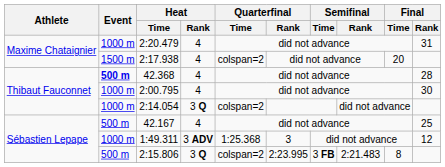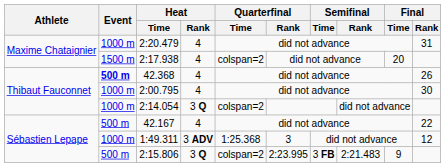 <table class="wikitable" style="font-size:90%">
 <tr>
 <th rowspan=2>Athlete</th>
 <th rowspan=2>Event</th>
 <th colspan=2>Heat</th>
 <th colspan=2>Quarterfinal</th>
 <th colspan=2>Semifinal</th>
 <th colspan=2>Final</th>
 </tr>
 <tr style="font-size:95%">
 <th>Time</th>
 <th>Rank</th>
 <th>Time</th>
 <th>Rank</th>
 <th>Time</th>
 <th>Rank</th>
 <th>Time</th>
 <th>Rank</th>
 </tr>
 <tr align=center>
 <td align=left rowspan=2><a href='#'>Maxime Chataignier</a></td>
 <td align=left><a href='#'>1000 m</a></td>
 <td>2:20.479</td>
 <td>4</td>
 <td colspan=5>did not advance</td>
 <td>31</td>
 </tr>
 <tr align=center>
 <td align=left><a href='#'>1500 m</a></td>
 <td>2:17.938</td>
 <td>4</td>
 <td>colspan=2 </td>
 <td colspan=3>did not advance</td>
 <td>20</td>
 </tr>
 <tr align=center>
 <td align=left rowspan=3><a href='#'>Thibaut Fauconnet</a></td>
 <td align=left><strong><a href='#'>500 m</a></strong></td>
 <td>42.368</td>
 <td>4</td>
 <td colspan=5>did not advance</td>
-<td>28</td>
+<td>26</td>
 </tr>
 <tr align=center>
 <td align=left><a href='#'>1000 m</a></td>
 <td>2:00.795</td>
 <td>4</td>
 <td colspan=5>did not advance</td>
 <td>30</td>
 </tr>
 <tr align=center>
 <td align=left><a href='#'>1000 m</a></td>
 <td>2:14.054</td>
 <td>3 <strong>Q</strong></td>
 <td>colspan=2 </td>
 <td colspan=2></td>
 <td colspan=2>did not advance</td>
 </tr>
 <tr align=center>
 <td align=left rowspan=3><a href='#'>Sébastien Lepape</a></td>
 <td align=left><a href='#'>500 m</a></td>
 <td>42.167</td>
 <td>4</td>
 <td colspan=5>did not advance</td>
-<td>25</td>
+<td>22</td>
 </tr>
 <tr align=center>
 <td align=left><a href='#'>1000 m</a></td>
 <td>1:49.311</td>
 <td>3 <strong>ADV</strong></td>
 <td>1:25.368</td>
 <td>3</td>
 <td colspan=3>did not advance</td>
 <td>12</td>
 </tr>
 <tr align=center>
 <td align=left><a href='#'>500 m</a></td>
 <td>2:15.806</td>
 <td>3 <strong>Q</strong></td>
 <td>colspan=2 </td>
 <td>2:23.995</td>
 <td>3 <strong>FB</strong></td>
 <td>2:21.483</td>
-<td>8</td>
+<td>9</td>
 </tr>
 </table>
